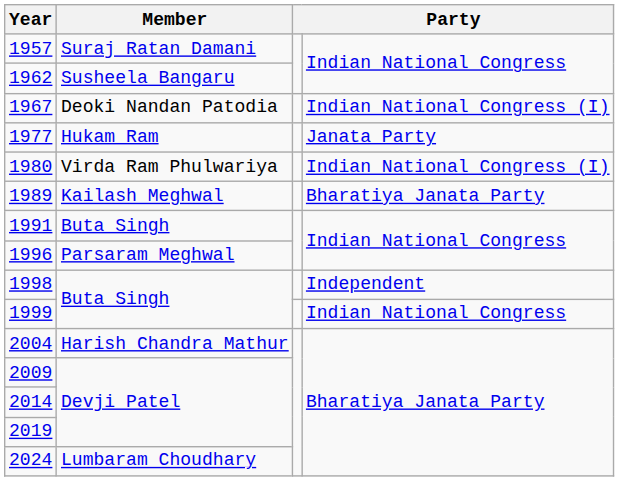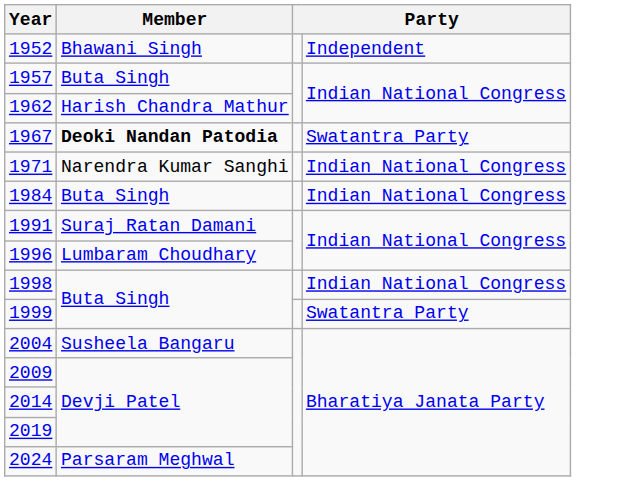 <table class="wikitable">
 <tr>
 <th>Year</th>
 <th>Member</th>
 <th colspan="2">Party</th>
 </tr>
 <tr>
+<td><a href='#'>1952</a></td>
+<td><a href='#'>Bhawani Singh</a></td>
+<td style="background-color: "></td>
+<td><a href='#'>Independent</a></td>
+</tr>
+<tr>
 <td><a href='#'>1957</a></td>
+<td><a href='#'>Buta Singh</a></td>
+<td rowspan="2" style="background-color: "></td>
+<td rowspan="2"><a href='#'>Indian National Congress</a></td>
+</tr>
+<tr>
+<td><a href='#'>1962</a></td>
+<td><a href='#'>Harish Chandra Mathur</a></td>
+</tr>
+<tr>
+<td><a href='#'>1967</a></td>
+<td><strong>Deoki Nandan Patodia</strong></td>
+<td style="background-color: "></td>
+<td><a href='#'>Swatantra Party</a></td>
+</tr>
+<tr>
+<td><a href='#'>1971</a></td>
+<td>Narendra Kumar Sanghi</td>
+<td style="background-color: "></td>
+<td><a href='#'>Indian National Congress</a></td>
+</tr>
+<tr>
+<td><a href='#'>1984</a></td>
+<td><a href='#'>Buta Singh</a></td>
+<td style="background-color: "></td>
+<td><a href='#'>Indian National Congress</a></td>
+</tr>
+<tr>
+<td><a href='#'>1991</a></td>
 <td><a href='#'>Suraj Ratan Damani</a></td>
 <td rowspan="2" style="background-color: "></td>
 <td rowspan="2"><a href='#'>Indian National Congress</a></td>
 </tr>
 <tr>
-<td><a href='#'>1962</a></td>
-<td><a href='#'>Susheela Bangaru</a></td>
-</tr>
-<tr>
-<td><a href='#'>1967</a></td>
-<td>Deoki Nandan Patodia</td>
-<td style="background-color: "></td>
-<td><a href='#'>Indian National Congress (I)</a></td>
-</tr>
-<tr>
-<td><a href='#'>1977</a></td>
-<td><a href='#'>Hukam Ram</a></td>
-<td style="background-color: "></td>
-<td><a href='#'>Janata Party</a></td>
-</tr>
-<tr>
-<td><a href='#'>1980</a></td>
-<td>Virda Ram Phulwariya</td>
-<td style="background-color: "></td>
-<td><a href='#'>Indian National Congress (I)</a></td>
-</tr>
-<tr>
-<td><a href='#'>1989</a></td>
-<td><a href='#'>Kailash Meghwal</a></td>
-<td style="background-color: "></td>
-<td><a href='#'>Bharatiya Janata Party</a></td>
-</tr>
-<tr>
-<td><a href='#'>1991</a></td>
-<td><a href='#'>Buta Singh</a></td>
-<td rowspan="2" style="background-color: "></td>
-<td rowspan="2"><a href='#'>Indian National Congress</a></td>
-</tr>
-<tr>
 <td><a href='#'>1996</a></td>
-<td><a href='#'>Parsaram Meghwal</a></td>
+<td><a href='#'>Lumbaram Choudhary</a></td>
 </tr>
 <tr>
 <td><a href='#'>1998</a></td>
 <td rowspan="2"><a href='#'>Buta Singh</a></td>
 <td style="background-color: "></td>
-<td><a href='#'>Independent</a></td>
+<td><a href='#'>Indian National Congress</a></td>
 </tr>
 <tr>
 <td><a href='#'>1999</a></td>
 <td style="background-color: "></td>
-<td><a href='#'>Indian National Congress</a></td>
+<td><a href='#'>Swatantra Party</a></td>
 </tr>
 <tr>
 <td><a href='#'>2004</a></td>
-<td><a href='#'>Harish Chandra Mathur</a></td>
+<td><a href='#'>Susheela Bangaru</a></td>
 <td rowspan="5" style="background-color: "></td>
 <td rowspan="5"><a href='#'>Bharatiya Janata Party</a></td>
 </tr>
 <tr>
 <td><a href='#'>2009</a></td>
 <td rowspan="3"><a href='#'>Devji Patel</a></td>
 </tr>
 <tr>
 <td><a href='#'>2014</a></td>
 </tr>
 <tr>
 <td><a href='#'>2019</a></td>
 </tr>
 <tr>
 <td><a href='#'>2024</a></td>
-<td><a href='#'>Lumbaram Choudhary</a></td>
+<td><a href='#'>Parsaram Meghwal</a></td>
 </tr>
 </table>
